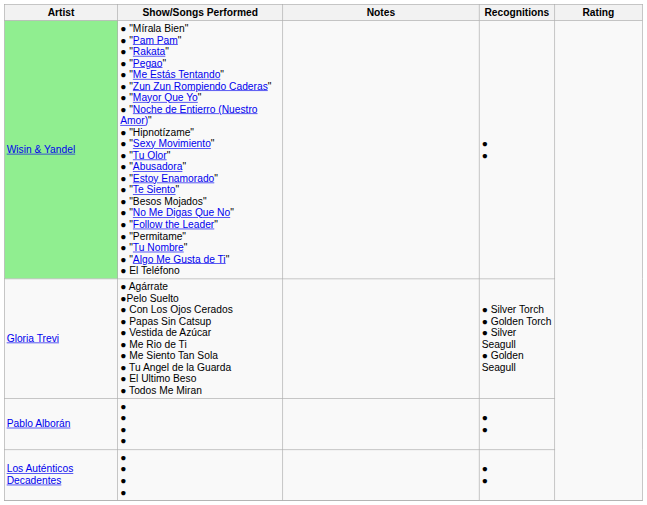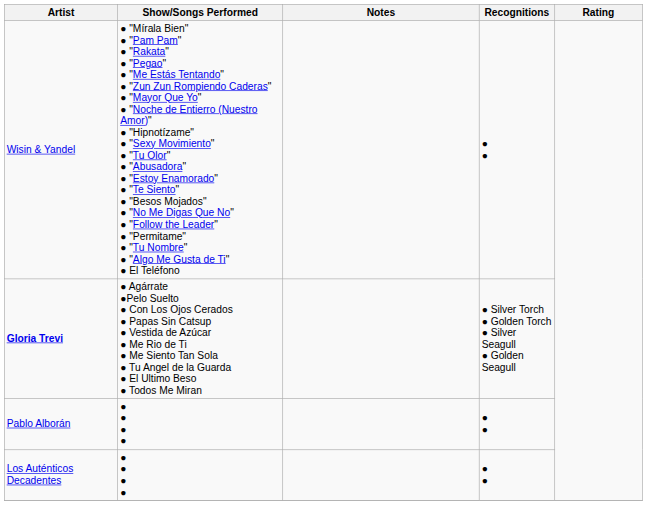 <table class="wikitable">
 <tr>
 <th width="170">Artist</th>
 <th width="250">Show/Songs Performed</th>
 <th width="300">Notes</th>
 <th width="110">Recognitions</th>
 <th width="130">Rating</th>
 </tr>
 <tr>
-<td style="background: lightgreen;"><a href='#'>Wisin & Yandel</a></td>
+<td><a href='#'>Wisin & Yandel</a></td>
 <td>● "Mírala Bien"<br> ● "<a href='#'>Pam Pam</a>"<br> ● "<a href='#'>Rakata</a>"<br> ● "<a href='#'>Pegao</a>"<br>  ● "<a href='#'>Me Estás Tentando</a>"<br> ● "<a href='#'>Zun Zun Rompiendo Caderas</a>"<br> ● "<a href='#'>Mayor Que Yo</a>"<br> ● "<a href='#'>Noche de Entierro (Nuestro Amor)</a>"<br> ● "Hipnotízame"<br> ● "<a href='#'>Sexy Movimiento</a>"<br> ● "<a href='#'>Tu Olor</a>"<br> ● "<a href='#'>Abusadora</a>"<br> ● "<a href='#'>Estoy Enamorado</a>"<br> ● "<a href='#'>Te Siento</a>"<br> ● "Besos Mojados"<br> ● "<a href='#'>No Me Digas Que No</a>"<br> ● "<a href='#'>Follow the Leader</a>"<br> ● "Permitame"<br> ● "<a href='#'>Tu Nombre</a>"<br> ● "<a href='#'>Algo Me Gusta de Ti</a>"<br> ● El Teléfono<br></td>
 <td></td>
 <td>● <br> ● <br></td>
 <td rowspan="4"></td>
 </tr>
 <tr>
-<td><a href='#'>Gloria Trevi</a></td>
+<td><strong><a href='#'>Gloria Trevi</a></strong></td>
 <td>● Agárrate<br> ●Pelo Suelto<br> ● Con Los Ojos Cerados<br> ● Papas Sin Catsup<br> ● Vestida de Azúcar<br> ● Me Rio de Ti<br> ● Me Siento Tan Sola<br> ● Tu Angel de la Guarda<br> ● El Ultimo Beso<br> ● Todos Me Miran<br></td>
 <td></td>
 <td>● Silver Torch<br> ● Golden Torch<br> ● Silver Seagull<br> ● Golden Seagull<br></td>
 </tr>
 <tr>
 <td><a href='#'>Pablo Alborán</a></td>
 <td>● <br> ● <br> ● <br> ● <br></td>
 <td></td>
 <td>● <br> ● <br></td>
 </tr>
 <tr>
 <td><a href='#'>Los Auténticos Decadentes</a></td>
 <td>● <br> ● <br> ● <br> ● <br></td>
 <td></td>
 <td>● <br> ● <br></td>
 </tr>
 <tr>
 </tr>
 </table>
